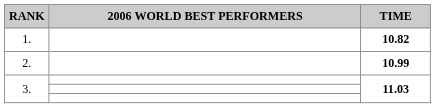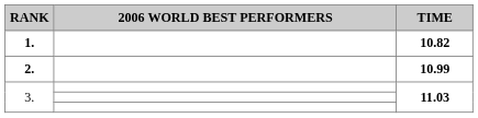 <table border="1" cellspacing="2" cellpadding="5" style="border-collapse: collapse; font-size: 90%;">
 <tr style="background:#ccc;">
 <th>RANK</th>
 <th style="text-align:center; width:25em;">2006 WORLD BEST PERFORMERS</th>
 <th style="text-align:center; width:5em;">TIME</th>
 </tr>
 <tr>
-<td style="text-align:center;">1.</td>
+<td style="text-align:center;"><strong>1.</strong></td>
 <td></td>
 <td style="text-align:center;"><strong>10.82</strong></td>
 </tr>
 <tr>
-<td style="text-align:center;">2.</td>
+<td style="text-align:center;"><strong>2.</strong></td>
 <td></td>
 <td style="text-align:center;"><strong>10.99</strong></td>
 </tr>
 <tr>
 <td rowspan="3" style="text-align:center;">3.</td>
 <td></td>
 <td rowspan="3" style="text-align:center;"><strong>11.03</strong></td>
 </tr>
 <tr>
 <td></td>
 </tr>
 <tr>
 <td></td>
 </tr>
 </table>
